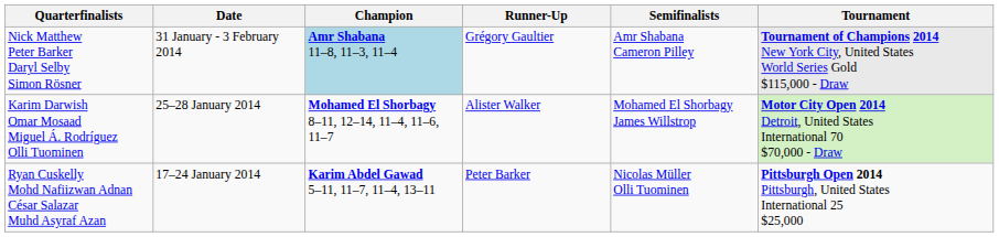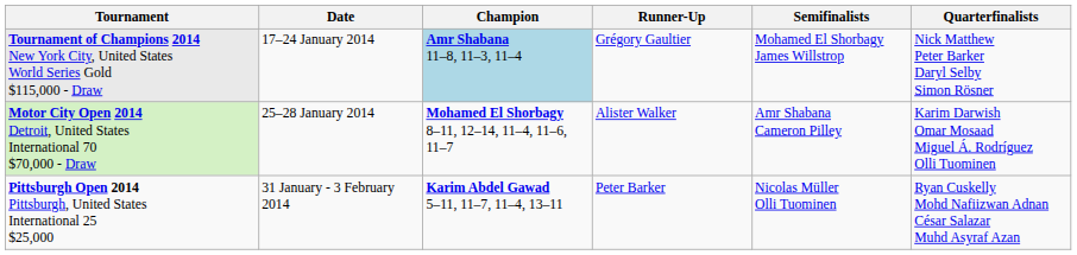 <table class="wikitable" style="font-size:88%">
 <tr>
-<th width=155>Quarterfinalists</th>
+<th width=250>Tournament</th>
 <th width=160>Date</th>
 <th width=165>Champion</th>
 <th width=155>Runner-Up</th>
 <th width=155>Semifinalists</th>
-<th width=250>Tournament</th>
+<th width=155>Quarterfinalists</th>
 </tr>
 <tr valign=top>
-<td> <a href='#'>Nick Matthew</a><br> <a href='#'>Peter Barker</a><br> <a href='#'>Daryl Selby</a><br> <a href='#'>Simon Rösner</a></td>
-<td>31 January - 3 February 2014</td>
+<td style="background:#E9E9E9;"><strong><a href='#'>Tournament of Champions</a> <a href='#'>2014</a></strong><br> <a href='#'>New York City</a>, United States<br><a href='#'>World Series</a> Gold<br>$115,000 - <a href='#'>Draw</a></td>
+<td>17–24 January 2014</td>
 <td style="background: lightblue;"> <strong><a href='#'>Amr Shabana</a></strong><br>11–8, 11–3, 11–4</td>
 <td> <a href='#'>Grégory Gaultier</a></td>
-<td> <a href='#'>Amr Shabana</a><br> <a href='#'>Cameron Pilley</a></td>
-<td style="background:#E9E9E9;"><strong><a href='#'>Tournament of Champions</a> <a href='#'>2014</a></strong><br> <a href='#'>New York City</a>, United States<br><a href='#'>World Series</a> Gold<br>$115,000 - <a href='#'>Draw</a></td>
+<td> <a href='#'>Mohamed El Shorbagy</a><br> <a href='#'>James Willstrop</a></td>
+<td> <a href='#'>Nick Matthew</a><br> <a href='#'>Peter Barker</a><br> <a href='#'>Daryl Selby</a><br> <a href='#'>Simon Rösner</a></td>
 </tr>
 <tr valign=top>
-<td> <a href='#'>Karim Darwish</a><br> <a href='#'>Omar Mosaad</a><br> <a href='#'>Miguel Á. Rodríguez</a><br> <a href='#'>Olli Tuominen</a></td>
+<td style="background:#D4F1C5;"><strong><a href='#'>Motor City Open</a> <a href='#'>2014</a></strong><br> <a href='#'>Detroit</a>, United States<br>International 70<br>$70,000 - <a href='#'>Draw</a></td>
 <td>25–28 January 2014</td>
 <td> <strong><a href='#'>Mohamed El Shorbagy</a></strong><br>8–11, 12–14, 11–4, 11–6, 11–7</td>
 <td> <a href='#'>Alister Walker</a></td>
-<td> <a href='#'>Mohamed El Shorbagy</a><br> <a href='#'>James Willstrop</a></td>
-<td style="background:#D4F1C5;"><strong><a href='#'>Motor City Open</a> <a href='#'>2014</a></strong><br> <a href='#'>Detroit</a>, United States<br>International 70<br>$70,000 - <a href='#'>Draw</a></td>
+<td> <a href='#'>Amr Shabana</a><br> <a href='#'>Cameron Pilley</a></td>
+<td> <a href='#'>Karim Darwish</a><br> <a href='#'>Omar Mosaad</a><br> <a href='#'>Miguel Á. Rodríguez</a><br> <a href='#'>Olli Tuominen</a></td>
 </tr>
 <tr valign=top>
-<td> <a href='#'>Ryan Cuskelly</a><br> <a href='#'>Mohd Nafiizwan Adnan</a><br> <a href='#'>César Salazar</a><br> <a href='#'>Muhd Asyraf Azan</a></td>
-<td>17–24 January 2014</td>
+<td><strong><a href='#'>Pittsburgh Open</a> 2014</strong><br> <a href='#'>Pittsburgh</a>, United States<br>International 25<br>$25,000</td>
+<td>31 January - 3 February 2014</td>
 <td> <strong><a href='#'>Karim Abdel Gawad</a></strong><br>5–11, 11–7, 11–4, 13–11</td>
 <td> <a href='#'>Peter Barker</a></td>
 <td> <a href='#'>Nicolas Müller</a><br> <a href='#'>Olli Tuominen</a></td>
-<td><strong><a href='#'>Pittsburgh Open</a> 2014</strong><br> <a href='#'>Pittsburgh</a>, United States<br>International 25<br>$25,000</td>
+<td> <a href='#'>Ryan Cuskelly</a><br> <a href='#'>Mohd Nafiizwan Adnan</a><br> <a href='#'>César Salazar</a><br> <a href='#'>Muhd Asyraf Azan</a></td>
 </tr>
 </table>
